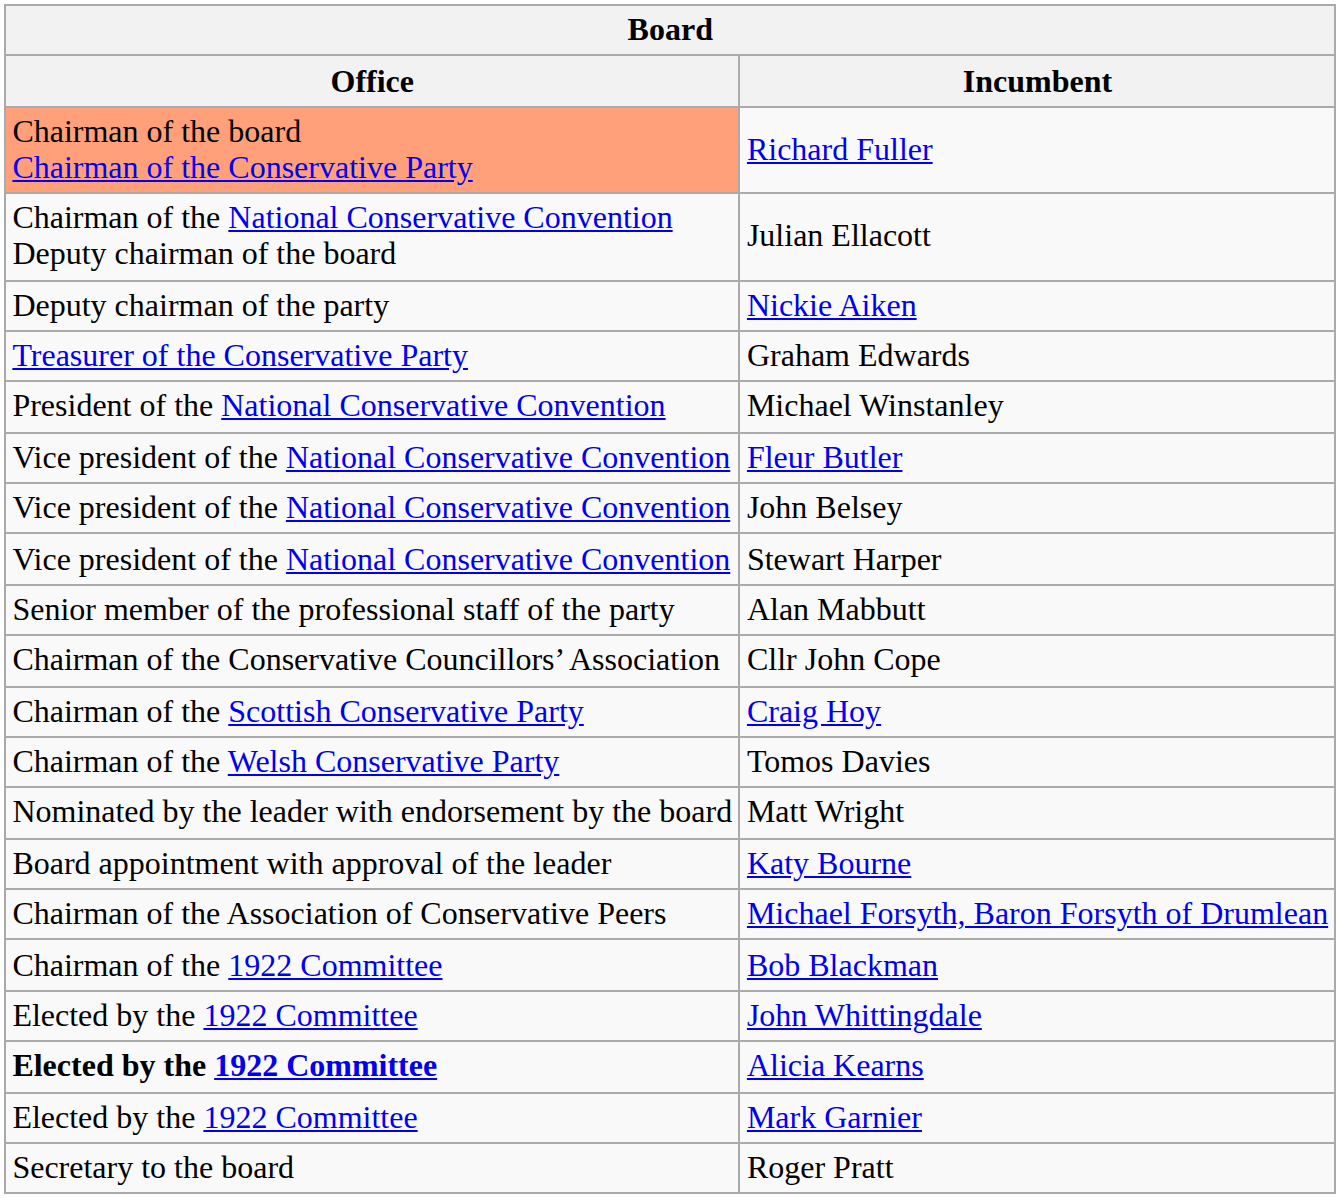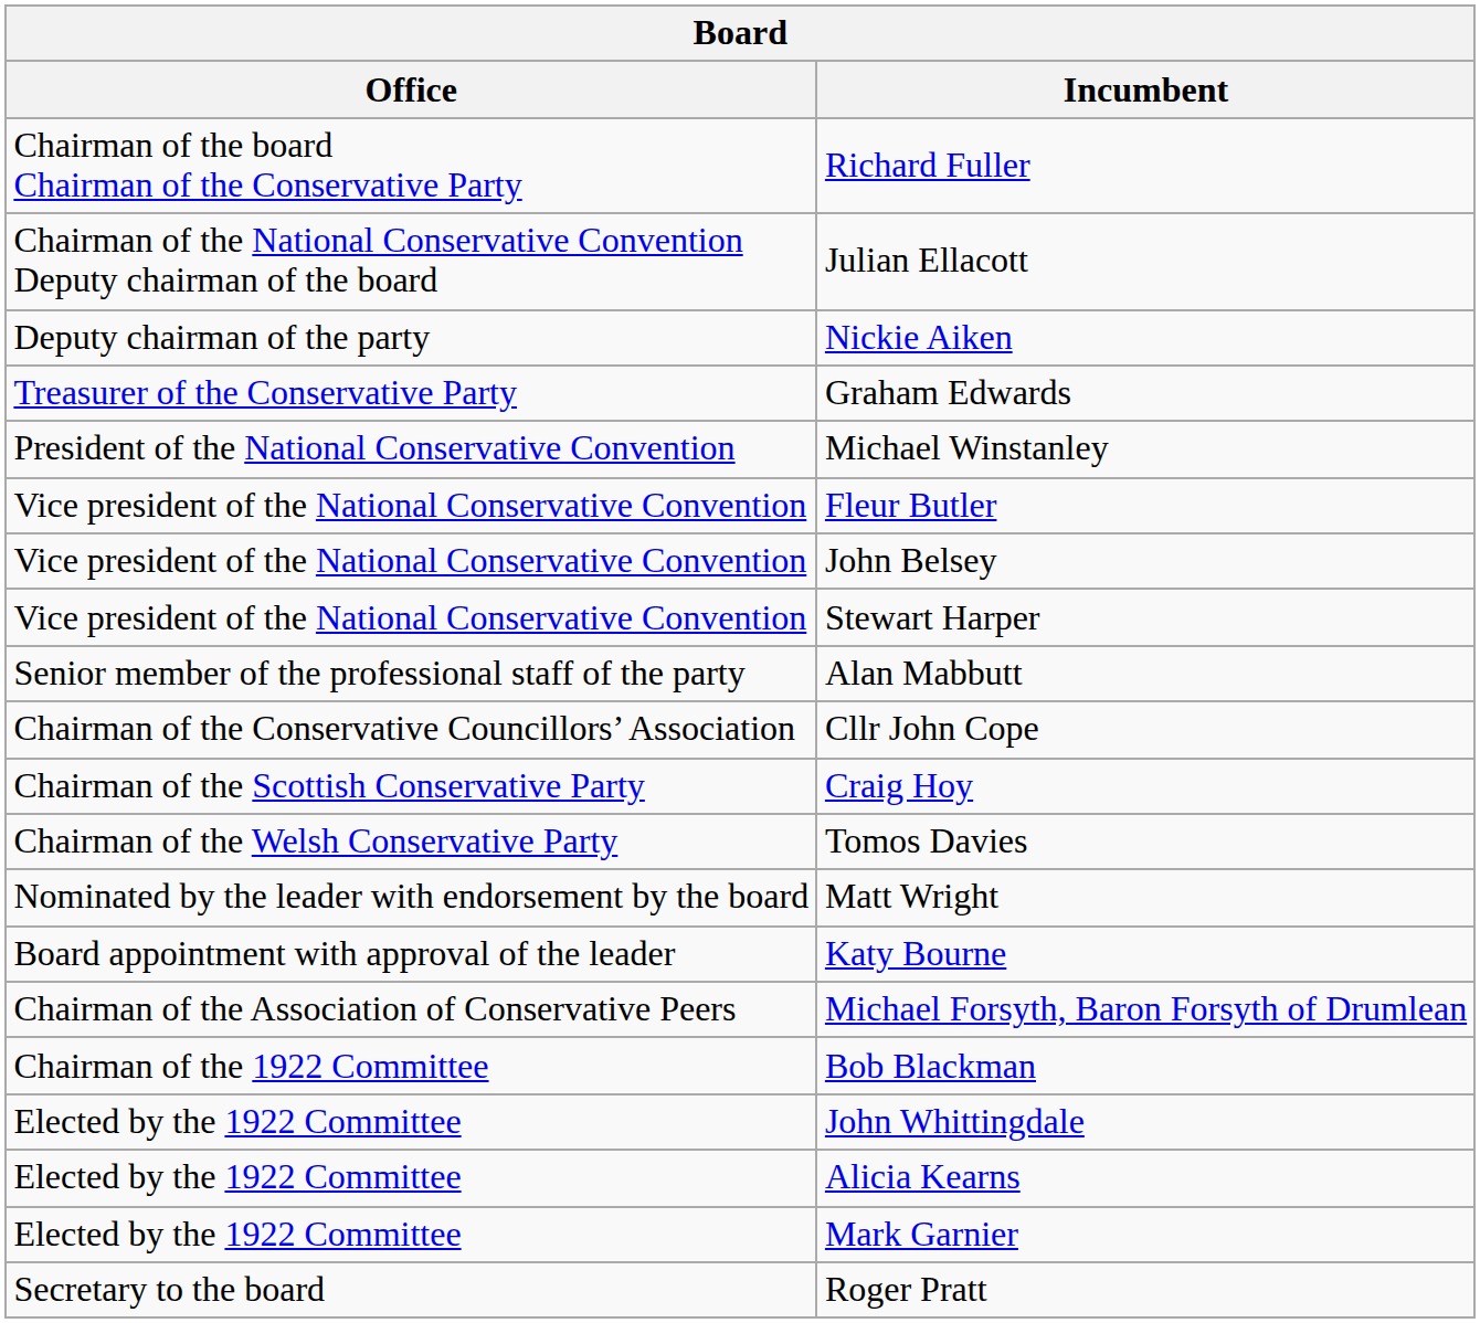 <table class="wikitable" style="text-align:left">
 <tr>
 <th colspan="3">Board</th>
 </tr>
 <tr>
 <th>Office</th>
 <th>Incumbent</th>
 </tr>
 <tr>
-<td style="background: lightsalmon;">Chairman of the board<br><a href='#'>Chairman of the Conservative Party</a></td>
+<td>Chairman of the board<br><a href='#'>Chairman of the Conservative Party</a></td>
 <td><a href='#'>Richard Fuller</a></td>
 </tr>
 <tr>
 <td>Chairman of the <a href='#'>National Conservative Convention</a><br>Deputy chairman of the board</td>
 <td>Julian Ellacott</td>
 </tr>
 <tr>
 <td>Deputy chairman of the party</td>
 <td><a href='#'>Nickie Aiken</a></td>
 </tr>
 <tr>
 <td><a href='#'>Treasurer of the Conservative Party</a></td>
 <td>Graham Edwards</td>
 </tr>
 <tr>
 <td>President of the <a href='#'>National Conservative Convention</a></td>
 <td>Michael Winstanley</td>
 </tr>
 <tr>
 <td>Vice president of the <a href='#'>National Conservative Convention</a></td>
 <td><a href='#'>Fleur Butler</a></td>
 </tr>
 <tr>
 <td>Vice president of the <a href='#'>National Conservative Convention</a></td>
 <td>John Belsey</td>
 </tr>
 <tr>
 <td>Vice president of the <a href='#'>National Conservative Convention</a></td>
 <td>Stewart Harper</td>
 </tr>
 <tr>
 <td>Senior member of the professional staff of the party</td>
 <td>Alan Mabbutt</td>
 </tr>
 <tr>
 <td>Chairman of the Conservative Councillors’ Association</td>
 <td>Cllr John Cope</td>
 </tr>
 <tr>
 <td>Chairman of the <a href='#'>Scottish Conservative Party</a></td>
 <td><a href='#'>Craig Hoy</a></td>
 </tr>
 <tr>
 <td>Chairman of the <a href='#'>Welsh Conservative Party</a></td>
 <td>Tomos Davies</td>
 </tr>
 <tr>
 <td>Nominated by the leader with endorsement by the board</td>
 <td>Matt Wright</td>
 </tr>
 <tr>
 <td>Board appointment with approval of the leader</td>
 <td><a href='#'>Katy Bourne</a></td>
 </tr>
 <tr>
 <td>Chairman of the Association of Conservative Peers</td>
 <td><a href='#'>Michael Forsyth, Baron Forsyth of Drumlean</a></td>
 </tr>
 <tr>
 <td>Chairman of the <a href='#'>1922 Committee</a></td>
 <td><a href='#'>Bob Blackman</a></td>
 </tr>
 <tr>
 <td>Elected by the <a href='#'>1922 Committee</a></td>
 <td><a href='#'>John Whittingdale</a></td>
 </tr>
 <tr>
-<td><strong>Elected by the <a href='#'>1922 Committee</a></strong></td>
+<td>Elected by the <a href='#'>1922 Committee</a></td>
 <td><a href='#'>Alicia Kearns</a></td>
 </tr>
 <tr>
 <td>Elected by the <a href='#'>1922 Committee</a></td>
 <td><a href='#'>Mark Garnier</a></td>
 </tr>
 <tr>
 <td>Secretary to the board</td>
 <td>Roger Pratt</td>
 </tr>
 </table>
